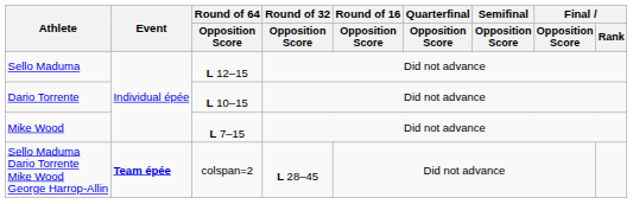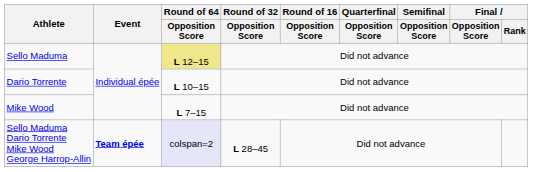 <table class="wikitable" style="font-size:90%">
 <tr>
 <th rowspan="2">Athlete</th>
 <th rowspan="2">Event</th>
 <th>Round of 64</th>
 <th>Round of 32</th>
 <th>Round of 16</th>
 <th>Quarterfinal</th>
 <th>Semifinal</th>
 <th colspan=2>Final / </th>
 </tr>
 <tr style="font-size:95%">
 <th>Opposition <br> Score</th>
 <th>Opposition <br> Score</th>
 <th>Opposition <br> Score</th>
 <th>Opposition <br> Score</th>
 <th>Opposition <br> Score</th>
 <th>Opposition <br> Score</th>
 <th>Rank</th>
 </tr>
 <tr align=center>
 <td align=left><a href='#'>Sello Maduma</a></td>
 <td align=left rowspan=3><a href='#'>Individual épée</a></td>
-<td><br><strong>L</strong> 12–15</td>
+<td style="background: khaki;"><br><strong>L</strong> 12–15</td>
 <td colspan=6>Did not advance</td>
 </tr>
 <tr align=center>
 <td align=left><a href='#'>Dario Torrente</a></td>
 <td><br><strong>L</strong> 10–15</td>
 <td colspan=6>Did not advance</td>
 </tr>
 <tr align=center>
 <td align=left><a href='#'>Mike Wood</a></td>
 <td><br><strong>L</strong> 7–15</td>
 <td colspan=6>Did not advance</td>
 </tr>
 <tr align=center>
 <td align=left><a href='#'>Sello Maduma</a><br><a href='#'>Dario Torrente</a><br><a href='#'>Mike Wood</a><br><a href='#'>George Harrop-Allin</a></td>
 <td align=left><strong><a href='#'>Team épée</a></strong></td>
-<td>colspan=2 </td>
+<td style="background: lavender;">colspan=2 </td>
 <td><br><strong>L</strong> 28–45</td>
 <td colspan=4>Did not advance</td>
 </tr>
 </table>
